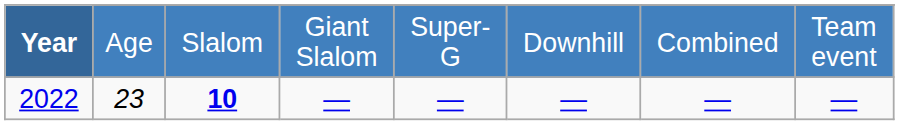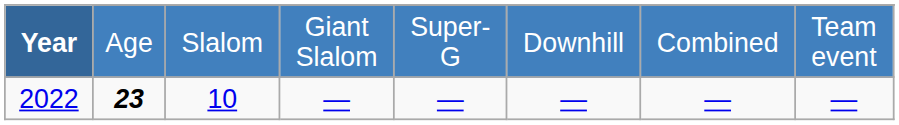 <table class="wikitable"  style="font-size:95%; text-align:center; border:gray solid 1px; width:40%;">
 <tr style="background:#369; color:white;">
 <td rowspan="2" style="width:4%;"><strong>Year</strong></td>
 </tr>
 <tr style="background:#4180be; color:white;">
 <td style="width:3%;">Age</td>
 <td style="width:5%;">Slalom</td>
 <td style="width:5%;">Giant<br>Slalom</td>
 <td style="width:5%;">Super-G</td>
 <td style="width:5%;">Downhill</td>
 <td style="width:5%;">Combined</td>
 <td style="width:5%">Team event</td>
 </tr>
 <tr>
 <td><a href='#'>2022</a></td>
-<td><em>23</em></td>
-<td><strong><a href='#'>10</a></strong></td>
+<td><strong><em>23</em></strong></td>
+<td><a href='#'>10</a></td>
 <td><a href='#'> —</a></td>
 <td><a href='#'> —</a></td>
 <td><a href='#'> —</a></td>
 <td><a href='#'> —</a></td>
 <td><a href='#'> —</a></td>
 </tr>
 </table>
